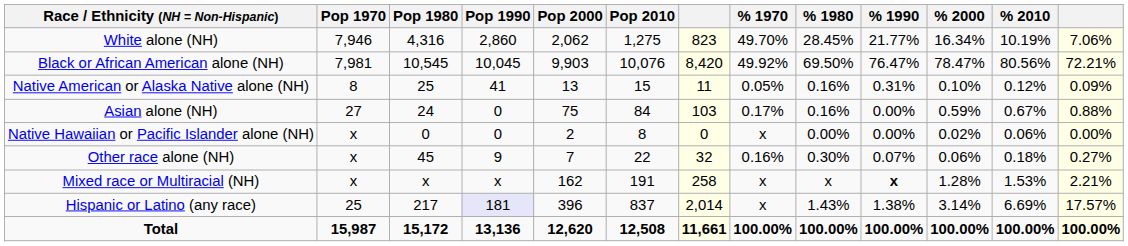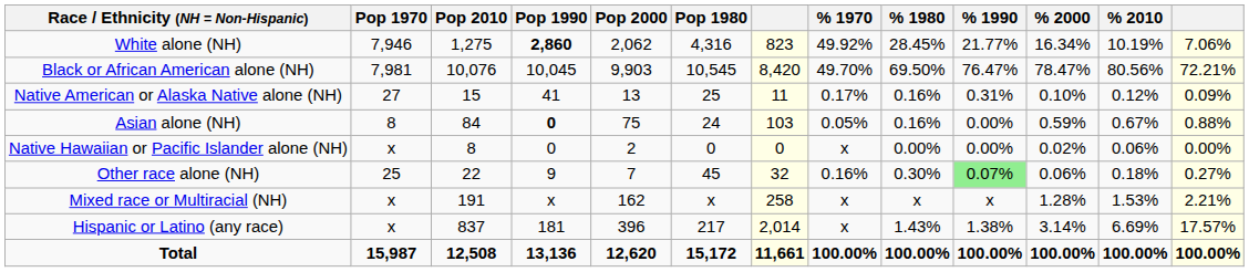 <table class="wikitable" style="text-align:center;">
 <tr>
 <th>Race / Ethnicity <small>(<em>NH = Non-Hispanic</em>)</small></th>
 <th>Pop 1970</th>
-<th>Pop 1980</th>
+<th>Pop 2010</th>
 <th>Pop 1990</th>
 <th>Pop 2000</th>
-<th>Pop 2010</th>
+<th>Pop 1980</th>
 <th></th>
 <th>% 1970</th>
 <th>% 1980</th>
 <th>% 1990</th>
 <th>% 2000</th>
 <th>% 2010</th>
 <th></th>
 </tr>
 <tr>
 <td><a href='#'>White</a> alone (NH)</td>
 <td>7,946</td>
+<td>1,275</td>
+<td><strong>2,860</strong></td>
+<td>2,062</td>
 <td>4,316</td>
-<td>2,860</td>
-<td>2,062</td>
-<td>1,275</td>
 <td style='background: #ffffe6;'>823</td>
-<td>49.70%</td>
+<td>49.92%</td>
 <td>28.45%</td>
 <td>21.77%</td>
 <td>16.34%</td>
 <td>10.19%</td>
 <td style='background: #ffffe6;'>7.06%</td>
 </tr>
 <tr>
 <td><a href='#'>Black or African American</a> alone (NH)</td>
 <td>7,981</td>
-<td>10,545</td>
+<td>10,076</td>
 <td>10,045</td>
 <td>9,903</td>
-<td>10,076</td>
+<td>10,545</td>
 <td style='background: #ffffe6;'>8,420</td>
-<td>49.92%</td>
+<td>49.70%</td>
 <td>69.50%</td>
 <td>76.47%</td>
 <td>78.47%</td>
 <td>80.56%</td>
 <td style='background: #ffffe6;'>72.21%</td>
 </tr>
 <tr>
 <td><a href='#'>Native American</a> or <a href='#'>Alaska Native</a> alone (NH)</td>
-<td>8</td>
-<td>25 </td>
+<td>27</td>
+<td>15</td>
 <td>41</td>
 <td>13</td>
-<td>15</td>
+<td>25 </td>
 <td style='background: #ffffe6;'>11</td>
-<td>0.05%</td>
+<td>0.17%</td>
 <td>0.16%</td>
 <td>0.31%</td>
 <td>0.10%</td>
 <td>0.12%</td>
 <td style='background: #ffffe6;'>0.09%</td>
 </tr>
 <tr>
 <td><a href='#'>Asian</a> alone (NH)</td>
-<td>27</td>
+<td>8</td>
+<td>84</td>
+<td><strong>0</strong></td>
+<td>75</td>
 <td>24 </td>
-<td>0</td>
-<td>75</td>
-<td>84</td>
 <td style='background: #ffffe6;'>103</td>
-<td>0.17%</td>
+<td>0.05%</td>
 <td>0.16%</td>
 <td>0.00%</td>
 <td>0.59%</td>
 <td>0.67%</td>
 <td style='background: #ffffe6;'>0.88%</td>
 </tr>
 <tr>
 <td><a href='#'>Native Hawaiian</a> or <a href='#'>Pacific Islander</a> alone (NH)</td>
 <td>x</td>
-<td>0 </td>
+<td>8</td>
 <td>0 </td>
 <td>2</td>
-<td>8</td>
+<td>0 </td>
 <td style='background: #ffffe6;'>0</td>
 <td>x</td>
 <td>0.00%</td>
 <td>0.00%</td>
 <td>0.02%</td>
 <td>0.06%</td>
 <td style='background: #ffffe6;'>0.00%</td>
 </tr>
 <tr>
 <td><a href='#'>Other race</a> alone (NH)</td>
-<td>x</td>
-<td>45</td>
+<td>25</td>
+<td>22</td>
 <td>9</td>
 <td>7</td>
-<td>22</td>
+<td>45</td>
 <td style='background: #ffffe6;'>32</td>
 <td>0.16%</td>
 <td>0.30%</td>
-<td>0.07%</td>
+<td style="background: lightgreen;">0.07%</td>
 <td>0.06%</td>
 <td>0.18%</td>
 <td style='background: #ffffe6;'>0.27%</td>
 </tr>
 <tr>
 <td><a href='#'>Mixed race or Multiracial</a> (NH)</td>
 <td>x </td>
-<td>x </td>
+<td>191</td>
 <td>x </td>
 <td>162</td>
-<td>191</td>
+<td>x </td>
 <td style='background: #ffffe6;'>258</td>
 <td>x</td>
 <td>x</td>
-<td><strong>x</strong></td>
+<td>x</td>
 <td>1.28%</td>
 <td>1.53%</td>
 <td style='background: #ffffe6;'>2.21%</td>
 </tr>
 <tr>
 <td><a href='#'>Hispanic or Latino</a> (any race)</td>
-<td>25</td>
+<td>x</td>
+<td>837</td>
+<td>181</td>
+<td>396</td>
 <td>217</td>
-<td style="background: lavender;">181</td>
-<td>396</td>
-<td>837</td>
 <td style='background: #ffffe6;'>2,014</td>
 <td>x</td>
 <td>1.43% </td>
 <td>1.38%</td>
 <td>3.14%</td>
 <td>6.69%</td>
 <td style='background: #ffffe6;'>17.57%</td>
 </tr>
 <tr>
 <td><strong>Total</strong></td>
 <td><strong>15,987</strong></td>
-<td><strong>15,172</strong></td>
+<td><strong>12,508</strong></td>
 <td><strong>13,136</strong></td>
 <td><strong>12,620</strong></td>
-<td><strong>12,508</strong></td>
+<td><strong>15,172</strong></td>
 <td style='background: #ffffe6;'><strong>11,661</strong></td>
 <td><strong>100.00%</strong></td>
 <td><strong>100.00%</strong></td>
 <td><strong>100.00%</strong></td>
 <td><strong>100.00%</strong></td>
 <td><strong>100.00%</strong></td>
 <td style='background: #ffffe6;'><strong>100.00%</strong></td>
 </tr>
 </table>
